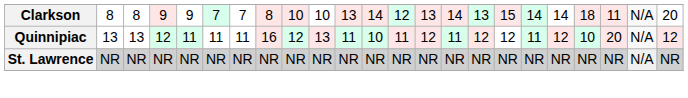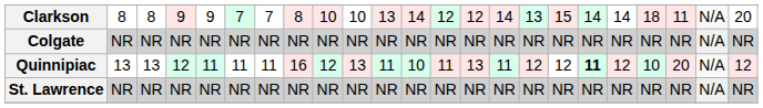 <table class="wikitable sortable" style="text-align: center;">
 <tr>
 </tr>
 <tr>
 <th>Clarkson</th>
 <td bgcolor=FFFFFF>8</td>
 <td bgcolor=FFFFFF>8</td>
 <td bgcolor=FFE6E6>9</td>
 <td bgcolor=FFFFFF>9</td>
 <td bgcolor=D8FFEB>7</td>
 <td bgcolor=FFFFFF>7</td>
 <td bgcolor=FFE6E6>8</td>
 <td bgcolor=FFE6E6>10</td>
 <td bgcolor=FFFFFF>10</td>
 <td bgcolor=FFE6E6>13</td>
 <td bgcolor=FFE6E6>14</td>
 <td bgcolor=D8FFEB>12</td>
-<td bgcolor=FFE6E6>13</td>
+<td bgcolor=FFE6E6>12</td>
 <td bgcolor=FFE6E6>14</td>
 <td bgcolor=D8FFEB>13</td>
 <td bgcolor=FFE6E6>15</td>
 <td bgcolor=D8FFEB>14</td>
 <td bgcolor=FFFFFF>14</td>
 <td bgcolor=FFE6E6>18</td>
 <td bgcolor=FFE6E6>11</td>
 <td>N/A</td>
 <td bgcolor=FFFFFF>20</td>
+</tr>
+<tr bgcolor=f0f0f0>
+<th>Colgate</th>
+<td bgcolor=d0d0d0>NR</td>
+<td bgcolor=d0d0d0>NR</td>
+<td bgcolor=d0d0d0>NR</td>
+<td bgcolor=d0d0d0>NR</td>
+<td bgcolor=d0d0d0>NR</td>
+<td bgcolor=d0d0d0>NR</td>
+<td bgcolor=d0d0d0>NR</td>
+<td bgcolor=d0d0d0>NR</td>
+<td bgcolor=d0d0d0>NR</td>
+<td bgcolor=d0d0d0>NR</td>
+<td bgcolor=d0d0d0>NR</td>
+<td bgcolor=d0d0d0>NR</td>
+<td bgcolor=d0d0d0>NR</td>
+<td bgcolor=d0d0d0>NR</td>
+<td bgcolor=d0d0d0>NR</td>
+<td bgcolor=d0d0d0>NR</td>
+<td bgcolor=d0d0d0>NR</td>
+<td bgcolor=d0d0d0>NR</td>
+<td bgcolor=d0d0d0>NR</td>
+<td bgcolor=d0d0d0>NR</td>
+<td>N/A</td>
+<td bgcolor=d0d0d0>NR</td>
 </tr>
 <tr>
 <th>Quinnipiac</th>
 <td bgcolor=FFFFFF>13</td>
 <td bgcolor=FFFFFF>13</td>
 <td bgcolor=D8FFEB>12</td>
 <td bgcolor=D8FFEB>11</td>
 <td bgcolor=FFFFFF>11</td>
 <td bgcolor=FFFFFF>11</td>
 <td bgcolor=FFE6E6>16</td>
 <td bgcolor=D8FFEB>12</td>
 <td bgcolor=FFE6E6>13</td>
 <td bgcolor=D8FFEB>11</td>
 <td bgcolor=D8FFEB>10</td>
 <td bgcolor=FFE6E6>11</td>
-<td bgcolor=FFE6E6>12</td>
+<td bgcolor=FFE6E6>13</td>
 <td bgcolor=D8FFEB>11</td>
 <td bgcolor=FFE6E6>12</td>
 <td bgcolor=FFFFFF>12</td>
-<td bgcolor=D8FFEB>11</td>
+<td bgcolor=D8FFEB><strong>11</strong></td>
 <td bgcolor=FFE6E6>12</td>
 <td bgcolor=D8FFEB>10</td>
 <td bgcolor=FFE6E6>20</td>
 <td>N/A</td>
 <td bgcolor=FFE6E6>12</td>
 </tr>
 <tr bgcolor=f0f0f0>
 <th>St. Lawrence</th>
 <td bgcolor=d0d0d0>NR</td>
 <td bgcolor=d0d0d0>NR</td>
 <td bgcolor=d0d0d0>NR</td>
 <td bgcolor=d0d0d0>NR</td>
 <td bgcolor=d0d0d0>NR</td>
 <td bgcolor=d0d0d0>NR</td>
 <td bgcolor=d0d0d0>NR</td>
 <td bgcolor=d0d0d0>NR</td>
 <td bgcolor=d0d0d0>NR</td>
 <td bgcolor=d0d0d0>NR</td>
 <td bgcolor=d0d0d0>NR</td>
 <td bgcolor=d0d0d0>NR</td>
 <td bgcolor=d0d0d0>NR</td>
 <td bgcolor=d0d0d0>NR</td>
 <td bgcolor=d0d0d0>NR</td>
 <td bgcolor=d0d0d0>NR</td>
 <td bgcolor=d0d0d0>NR</td>
 <td bgcolor=d0d0d0>NR</td>
 <td bgcolor=d0d0d0>NR</td>
 <td bgcolor=d0d0d0>NR</td>
 <td>N/A</td>
 <td bgcolor=d0d0d0>NR</td>
 </tr>
 <tr>
 </tr>
 </table>
